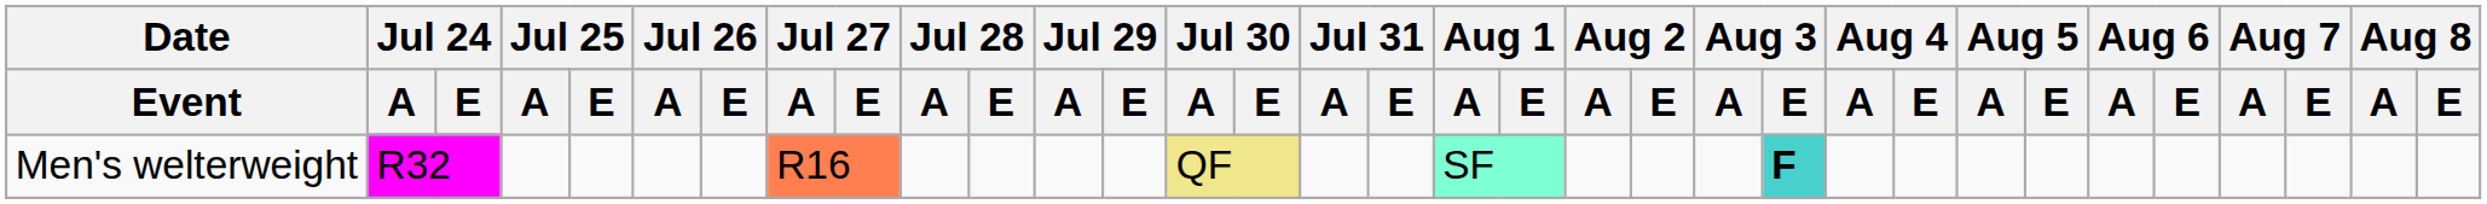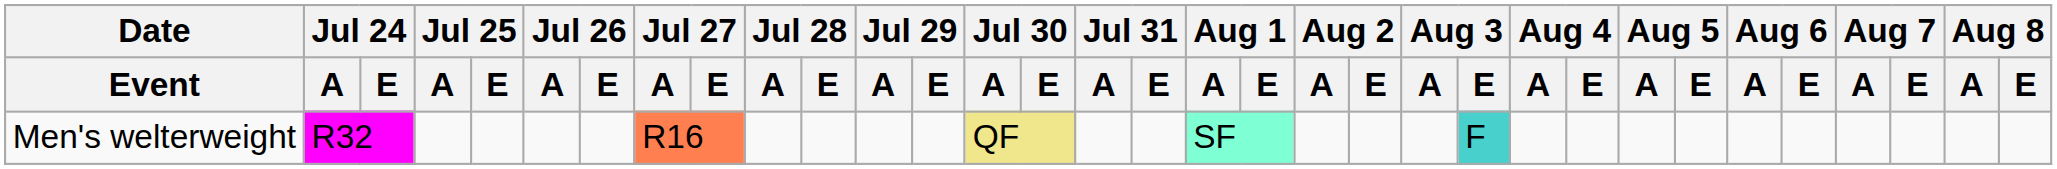 <table class="wikitable olympic-schedule Boxing">
 <tr>
 <th>Date</th>
 <th colspan="2">Jul 24</th>
 <th colspan="2">Jul 25</th>
 <th colspan="2">Jul 26</th>
 <th colspan="2">Jul 27</th>
 <th colspan="2">Jul 28</th>
 <th colspan="2">Jul 29</th>
 <th colspan="2">Jul 30</th>
 <th colspan="2">Jul 31</th>
 <th colspan="2">Aug 1</th>
 <th colspan="2">Aug 2</th>
 <th colspan="2">Aug 3</th>
 <th colspan="2">Aug 4</th>
 <th colspan="2">Aug 5</th>
 <th colspan="2">Aug 6</th>
 <th colspan="2">Aug 7</th>
 <th colspan="2">Aug 8</th>
 </tr>
 <tr>
 <th>Event</th>
 <th>A</th>
 <th>E</th>
 <th>A</th>
 <th>E</th>
 <th>A</th>
 <th>E</th>
 <th>A</th>
 <th>E</th>
 <th>A</th>
 <th>E</th>
 <th>A</th>
 <th>E</th>
 <th>A</th>
 <th>E</th>
 <th>A</th>
 <th>E</th>
 <th>A</th>
 <th>E</th>
 <th>A</th>
 <th>E</th>
 <th>A</th>
 <th>E</th>
 <th>A</th>
 <th>E</th>
 <th>A</th>
 <th>E</th>
 <th>A</th>
 <th>E</th>
 <th>A</th>
 <th>E</th>
 <th>A</th>
 <th>E</th>
 </tr>
 <tr>
 <td class="event">Men's welterweight</td>
 <td colspan="2" bgcolor="#FF00FF" class="roundof32">R32</td>
 <td></td>
 <td></td>
 <td></td>
 <td></td>
 <td colspan="2" bgcolor="#FF7F50" class="roundof16">R16</td>
 <td></td>
 <td></td>
 <td></td>
 <td></td>
 <td colspan="2" bgcolor="#F0E68C" class="quarterfinals">QF</td>
 <td></td>
 <td></td>
 <td colspan="2" bgcolor="#7FFFD4" class="semifinals">SF</td>
 <td></td>
 <td></td>
 <td></td>
-<td bgcolor="#48D1CC" class="final"><strong>F</strong></td>
+<td bgcolor="#48D1CC" class="final">F</td>
 <td></td>
 <td></td>
 <td></td>
 <td></td>
 <td></td>
 <td></td>
 <td></td>
 <td></td>
 <td></td>
 <td></td>
 </tr>
 </table>
